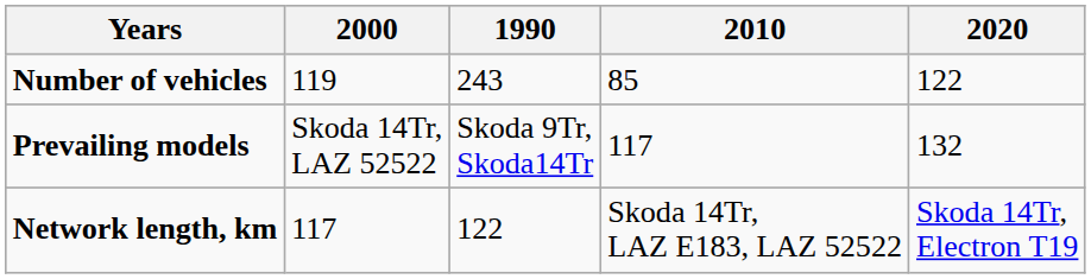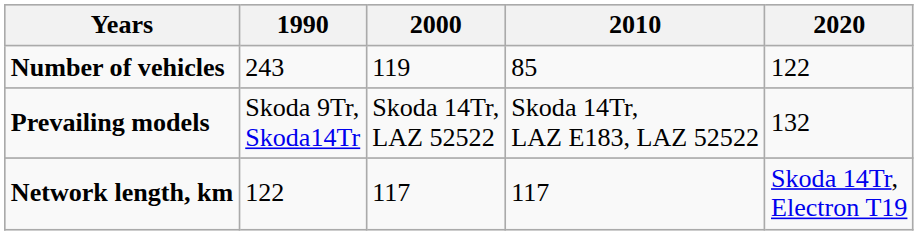 <table class="wikitable">
 <tr>
 <th>Years</th>
+<th>1990</th>
 <th>2000</th>
-<th>1990</th>
 <th>2010</th>
 <th>2020</th>
 </tr>
 <tr>
 <td><strong>Number of vehicles</strong></td>
+<td>243</td>
 <td>119</td>
-<td>243</td>
 <td>85</td>
 <td>122</td>
 </tr>
 <tr>
 <td><strong>Prevailing models</strong></td>
+<td>Skoda 9Tr,<br><a href='#'>Skoda14Tr</a></td>
 <td>Skoda 14Tr,<br>LAZ 52522</td>
-<td>Skoda 9Tr,<br><a href='#'>Skoda14Tr</a></td>
-<td>117</td>
+<td>Skoda 14Tr,<br>LAZ E183, LAZ 52522</td>
 <td>132</td>
 </tr>
 <tr>
 <td><strong>Network length, km</strong></td>
+<td>122</td>
 <td>117</td>
-<td>122</td>
-<td>Skoda 14Tr,<br>LAZ E183, LAZ 52522</td>
+<td>117</td>
 <td><a href='#'>Skoda 14Tr</a>,<br><a href='#'>Electron T19</a></td>
 </tr>
 </table>
